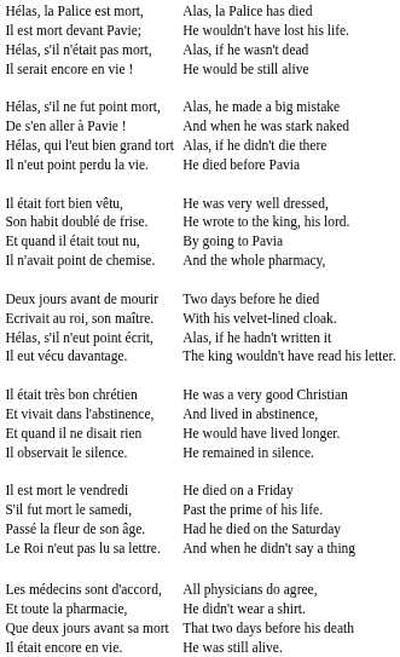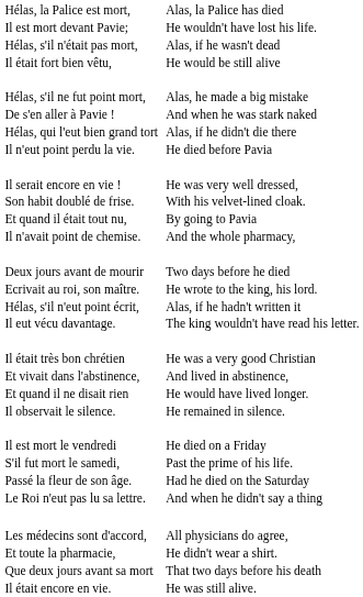 <table style="margin:1em auto;">
 <tr>
 <td>Hélas, la Palice est mort,</td>
 <td>Alas, la Palice has died</td>
 </tr>
 <tr>
 <td>Il est mort devant Pavie;</td>
 <td>He wouldn't have lost his life.</td>
 </tr>
 <tr>
 <td>Hélas, s'il n'était pas mort,</td>
 <td>Alas, if he wasn't dead</td>
 </tr>
 <tr>
-<td>Il serait encore en vie !</td>
+<td>Il était fort bien vêtu,</td>
 <td>He would be still alive</td>
 </tr>
 <tr>
 <td> </td>
 </tr>
 <tr>
 <td>Hélas, s'il ne fut point mort,</td>
 <td>Alas, he made a big mistake</td>
 </tr>
 <tr>
 <td>De s'en aller à Pavie !</td>
 <td>And when he was stark naked</td>
 </tr>
 <tr>
 <td>Hélas, qui l'eut bien grand tort</td>
 <td>Alas, if he didn't die there</td>
 </tr>
 <tr>
 <td>Il n'eut point perdu la vie.</td>
 <td>He died before Pavia</td>
 </tr>
 <tr>
 <td> </td>
 </tr>
 <tr>
-<td>Il était fort bien vêtu,</td>
+<td>Il serait encore en vie !</td>
 <td>He was very well dressed,</td>
 </tr>
 <tr>
 <td>Son habit doublé de frise.</td>
-<td>He wrote to the king, his lord.</td>
+<td>With his velvet-lined cloak.</td>
 </tr>
 <tr>
 <td>Et quand il était tout nu,</td>
 <td>By going to Pavia</td>
 </tr>
 <tr>
 <td>Il n'avait point de chemise.</td>
 <td>And the whole pharmacy,</td>
 </tr>
 <tr>
 <td> </td>
 </tr>
 <tr>
 <td>Deux jours avant de mourir</td>
 <td>Two days before he died</td>
 </tr>
 <tr>
 <td>Ecrivait au roi, son maître.</td>
-<td>With his velvet-lined cloak.</td>
+<td>He wrote to the king, his lord.</td>
 </tr>
 <tr>
 <td>Hélas, s'il n'eut point écrit,</td>
 <td>Alas, if he hadn't written it</td>
 </tr>
 <tr>
 <td>Il eut vécu davantage.</td>
 <td>The king wouldn't have read his letter.</td>
 </tr>
 <tr>
 <td> </td>
 </tr>
 <tr>
 <td>Il était très bon chrétien</td>
 <td>He was a very good Christian</td>
 </tr>
 <tr>
 <td>Et vivait dans l'abstinence,</td>
 <td>And lived in abstinence,</td>
 </tr>
 <tr>
 <td>Et quand il ne disait rien</td>
 <td>He would have lived longer.</td>
 </tr>
 <tr>
 <td>Il observait le silence.</td>
 <td>He remained in silence.</td>
 </tr>
 <tr>
 <td> </td>
 </tr>
 <tr>
 <td>Il est mort le vendredi</td>
 <td>He died on a Friday</td>
 </tr>
 <tr>
 <td>S'il fut mort le samedi,</td>
 <td>Past the prime of his life.</td>
 </tr>
 <tr>
 <td>Passé la fleur de son âge.</td>
 <td>Had he died on the Saturday</td>
 </tr>
 <tr>
 <td>Le Roi n'eut pas lu sa lettre.</td>
 <td>And when he didn't say a thing</td>
 </tr>
 <tr>
 <td> </td>
 </tr>
 <tr>
 <td></td>
 </tr>
 <tr>
 <td>Les médecins sont d'accord,</td>
 <td>All physicians do agree,</td>
 </tr>
 <tr>
 <td>Et toute la pharmacie,</td>
 <td>He didn't wear a shirt.</td>
 </tr>
 <tr>
 <td>Que deux jours avant sa mort   </td>
 <td>That two days before his death</td>
 </tr>
 <tr>
 <td>Il était encore en vie.</td>
 <td>He was still alive.</td>
 </tr>
 </table>
